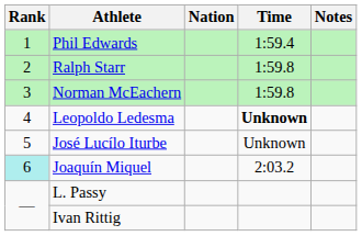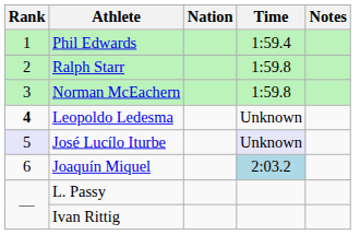 <table class="wikitable sortable" style="text-align:center">
 <tr>
 <th>Rank</th>
 <th>Athlete</th>
 <th>Nation</th>
 <th>Time</th>
 <th>Notes</th>
 </tr>
 <tr bgcolor=bbf3bb>
 <td>1</td>
 <td align=left><a href='#'>Phil Edwards</a></td>
 <td align=left></td>
 <td>1:59.4</td>
 <td></td>
 </tr>
 <tr bgcolor=bbf3bb>
 <td>2</td>
 <td align=left><a href='#'>Ralph Starr</a></td>
 <td align=left></td>
 <td>1:59.8</td>
 <td></td>
 </tr>
 <tr bgcolor=bbf3bb>
 <td>3</td>
 <td align=left><a href='#'>Norman McEachern</a></td>
 <td align=left></td>
 <td>1:59.8</td>
 <td></td>
 </tr>
 <tr>
-<td>4</td>
+<td><strong>4</strong></td>
 <td align=left><a href='#'>Leopoldo Ledesma</a></td>
 <td align=left></td>
-<td data-sort-value=2:00.0><strong>Unknown</strong></td>
+<td data-sort-value=2:00.0>Unknown</td>
 <td></td>
 </tr>
 <tr>
-<td>5</td>
+<td style="background: lavender;">5</td>
 <td align=left><a href='#'>José Lucílo Iturbe</a></td>
 <td align=left></td>
-<td data-sort-value=2:01.0>Unknown</td>
+<td data-sort-value=2:01.0 style="background: lavender;">Unknown</td>
 <td></td>
 </tr>
 <tr>
-<td style="background: paleturquoise;">6</td>
+<td>6</td>
 <td align=left><a href='#'>Joaquín Miquel</a></td>
 <td align=left></td>
-<td>2:03.2</td>
+<td style="background: lightblue;">2:03.2</td>
 <td></td>
 </tr>
 <tr>
 <td rowspan=2 data-sort-value=7>—</td>
 <td align=left>L. Passy</td>
 <td align=left></td>
 <td></td>
 <td></td>
 </tr>
 <tr>
 <td align=left>Ivan Rittig</td>
 <td align=left></td>
 <td></td>
 <td></td>
 </tr>
 </table>
